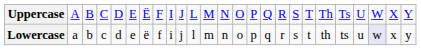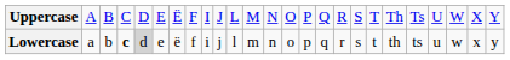 <table class="wikitable" style="text-align: center;">
 <tr>
 <th>Uppercase</th>
 <td><a href='#'>A</a></td>
 <td><a href='#'>B</a></td>
 <td><a href='#'>C</a></td>
 <td><a href='#'>D</a></td>
 <td><a href='#'>E</a></td>
 <td><a href='#'>Ë</a></td>
 <td><a href='#'>F</a></td>
 <td><a href='#'>I</a></td>
 <td><a href='#'>J</a></td>
 <td><a href='#'>L</a></td>
 <td><a href='#'>M</a></td>
 <td><a href='#'>N</a></td>
 <td><a href='#'>O</a></td>
 <td><a href='#'>P</a></td>
 <td><a href='#'>Q</a></td>
 <td><a href='#'>R</a></td>
 <td><a href='#'>S</a></td>
 <td><a href='#'>T</a></td>
 <td><a href='#'>Th</a></td>
 <td><a href='#'>Ts</a></td>
 <td><a href='#'>U</a></td>
 <td><a href='#'>W</a></td>
 <td><a href='#'>X</a></td>
 <td><a href='#'>Y</a></td>
 </tr>
 <tr -->
 <th>Lowercase</th>
 <td>a</td>
 <td>b</td>
-<td>c</td>
-<td>d</td>
+<td><strong>c</strong></td>
+<td style="background: lightgrey;">d</td>
 <td>e</td>
 <td>ë</td>
 <td>f</td>
 <td>i</td>
 <td>j</td>
 <td>l</td>
 <td>m</td>
 <td>n</td>
 <td>o</td>
 <td>p</td>
 <td>q</td>
 <td>r</td>
 <td>s</td>
 <td>t</td>
 <td>th</td>
 <td>ts</td>
 <td>u</td>
-<td style="background: lavender;">w</td>
+<td>w</td>
 <td>x</td>
 <td>y</td>
 </tr>
 </table>
